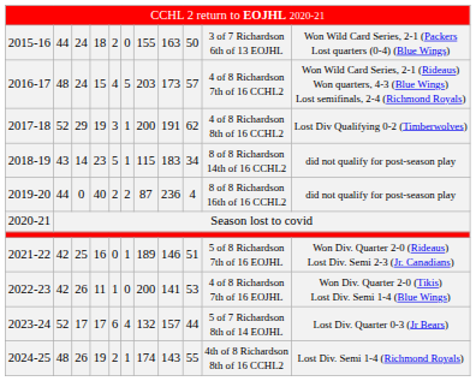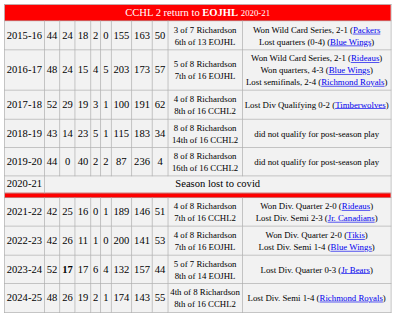 <table class="wikitable">
 <tr align="center" bgcolor=red style="color: white">
 <td colspan="12">CCHL 2 return to <strong>EOJHL</strong> <small>2020-21 </small></td>
 </tr>
 <tr align="center" bgcolor="#F2F2F2">
 <td>2015-16</td>
 <td>44</td>
 <td>24</td>
 <td>18</td>
 <td>2</td>
 <td>0</td>
 <td>155</td>
 <td>163</td>
 <td>50</td>
 <td><small>3 of 7 Richardson<br>6th of 13 EOJHL</small></td>
 <td><small>Won Wild Card Series, 2-1 (<a href='#'>Packers</a><br>Lost quarters (0-4) (<a href='#'>Blue Wings</a>)</small></td>
 </tr>
 <tr align="center"  bgcolor="#F2F2F2">
 <td>2016-17</td>
 <td>48</td>
 <td>24</td>
 <td>15</td>
 <td>4</td>
 <td>5</td>
 <td>203</td>
 <td>173</td>
 <td>57</td>
-<td><small>4 of 8 Richardson<br>7th of 16 CCHL2</small></td>
+<td><small>5 of 8 Richardson<br>7th of 16 EOJHL</small></td>
 <td><small>Won Wild Card Series, 2-1 (<a href='#'>Rideaus</a>)<br>Won quarters, 4-3 (<a href='#'>Blue Wings</a>)<br>Lost semifinals, 2-4 (<a href='#'>Richmond Royals</a>)</small></td>
 </tr>
 <tr align="center"  bgcolor="#F2F2F2">
 <td>2017-18</td>
 <td>52</td>
 <td>29</td>
 <td>19</td>
 <td>3</td>
 <td>1</td>
-<td>200</td>
+<td>100</td>
 <td>191</td>
 <td>62</td>
 <td><small>4 of 8 Richardson<br>8th of 16 CCHL2</small></td>
 <td><small>Lost Div Qualifying 0-2 (<a href='#'>Timberwolves</a>)</small></td>
 </tr>
 <tr align="center"  bgcolor="#F2F2F2">
 <td>2018-19</td>
 <td>43</td>
 <td>14</td>
 <td>23</td>
 <td>5</td>
 <td>1</td>
 <td>115</td>
 <td>183</td>
 <td>34</td>
 <td><small>8 of 8 Richardson<br>14th of 16 CCHL2</small></td>
 <td><small>did not  qualify for post-season play</small></td>
 </tr>
 <tr align="center"  bgcolor="#F2F2F2">
 <td>2019-20</td>
 <td>44</td>
 <td>0</td>
 <td>40</td>
 <td>2</td>
 <td>2</td>
 <td>87</td>
 <td>236</td>
 <td>4</td>
 <td><small>8 of 8 Richardson<br>16th of 16 CCHL2</small></td>
 <td><small>did not  qualify for post-season play</small></td>
 </tr>
 <tr align="center"  bgcolor="#F2F2F2">
 <td>2020-21</td>
 <td colspan="10">Season lost to covid</td>
 </tr>
 <tr align="center" bgcolor=red style="color: white">
 <td colspan="12"></td>
 </tr>
 <tr align="center"  bgcolor="#F2F2F2">
 <td>2021-22</td>
 <td>42</td>
 <td>25</td>
 <td>16</td>
 <td>0</td>
 <td>1</td>
 <td>189</td>
 <td>146</td>
 <td>51</td>
-<td><small>5 of 8 Richardson<br>7th of 16 EOJHL</small></td>
+<td><small>4 of 8 Richardson<br>7th of 16 CCHL2</small></td>
 <td><small>Won Div. Quarter 2-0 (<a href='#'>Rideaus</a>)<br>Lost Div. Semi 2-3 (<a href='#'>Jr. Canadians</a>)</small></td>
 </tr>
 <tr align="center"  bgcolor="#F2F2F2">
 <td>2022-23</td>
 <td>42</td>
 <td>26</td>
 <td>11</td>
 <td>1</td>
 <td>0</td>
 <td>200</td>
 <td>141</td>
 <td>53</td>
 <td><small>4 of 8 Richardson<br>7th of 16 EOJHL</small></td>
 <td><small>Won Div. Quarter 2-0 (<a href='#'>Tikis</a>)<br>Lost Div. Semi 1-4 (<a href='#'>Blue Wings</a>)</small></td>
 </tr>
 <tr align="center"  bgcolor="#F2F2F2">
 <td>2023-24</td>
 <td>52</td>
-<td>17</td>
+<td><strong>17</strong></td>
 <td>17</td>
 <td>6</td>
 <td>4</td>
 <td>132</td>
 <td>157</td>
 <td>44</td>
 <td><small>5 of 7 Richardson<br>8th of 14 EOJHL</small></td>
 <td><small>Lost Div. Quarter 0-3 (<a href='#'>Jr Bears</a>)</small></td>
 </tr>
 <tr align="center"  bgcolor="#F2F2F2">
 <td>2024-25</td>
 <td>48</td>
 <td>26</td>
 <td>19</td>
 <td>2</td>
 <td>1</td>
 <td>174</td>
 <td>143</td>
 <td>55</td>
 <td><small>4th of 8 Richardson<br>8th of 16 CCHL2 </small></td>
 <td><small>Lost Div. Semi 1-4 (<a href='#'>Richmond Royals</a>)</small></td>
 </tr>
 </table>
